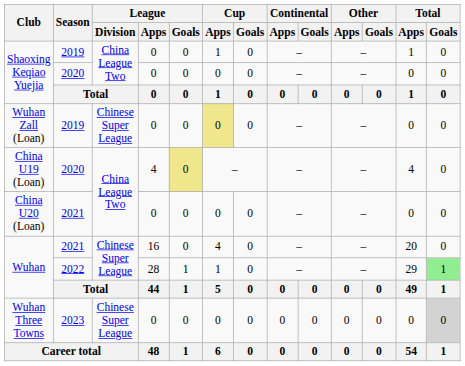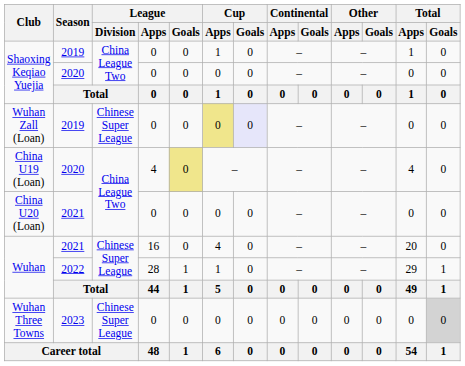 <table class="wikitable" style="text-align: center">
 <tr>
 <th rowspan="2">Club</th>
 <th rowspan="2">Season</th>
 <th colspan="3">League</th>
 <th colspan="2">Cup</th>
 <th colspan="2">Continental</th>
 <th colspan="2">Other</th>
 <th colspan="2">Total</th>
 </tr>
 <tr>
 <th>Division</th>
 <th>Apps</th>
 <th>Goals</th>
 <th>Apps</th>
 <th>Goals</th>
 <th>Apps</th>
 <th>Goals</th>
 <th>Apps</th>
 <th>Goals</th>
 <th>Apps</th>
 <th>Goals</th>
 </tr>
 <tr>
 <td rowspan=3><a href='#'>Shaoxing Keqiao Yuejia</a></td>
 <td><a href='#'>2019</a></td>
 <td rowspan=2><a href='#'>China League Two</a></td>
 <td>0</td>
 <td>0</td>
 <td>1</td>
 <td>0</td>
 <td colspan="2">–</td>
 <td colspan="2">–</td>
 <td>1</td>
 <td>0</td>
 </tr>
 <tr>
 <td><a href='#'>2020</a></td>
 <td>0</td>
 <td>0</td>
 <td>0</td>
 <td>0</td>
 <td colspan="2">–</td>
 <td colspan="2">–</td>
 <td>0</td>
 <td>0</td>
 </tr>
 <tr>
 <th colspan=2>Total</th>
 <th>0</th>
 <th>0</th>
 <th>1</th>
 <th>0</th>
 <th>0</th>
 <th>0</th>
 <th>0</th>
 <th>0</th>
 <th>1</th>
 <th>0</th>
 </tr>
 <tr>
 <td><a href='#'>Wuhan Zall</a> (Loan)</td>
 <td><a href='#'>2019</a></td>
 <td><a href='#'>Chinese Super League</a></td>
 <td>0</td>
 <td>0</td>
 <td style="background: khaki;">0</td>
-<td>0</td>
+<td style="background: lavender;">0</td>
 <td colspan="2">–</td>
 <td colspan="2">–</td>
 <td>0</td>
 <td>0</td>
 </tr>
 <tr>
 <td><a href='#'>China U19</a> (Loan)</td>
 <td><a href='#'>2020</a></td>
 <td rowspan=2><a href='#'>China League Two</a></td>
 <td>4</td>
 <td style="background: khaki;">0</td>
 <td colspan="2">–</td>
 <td colspan="2">–</td>
 <td colspan="2">–</td>
 <td>4</td>
 <td>0</td>
 </tr>
 <tr>
 <td><a href='#'>China U20</a> (Loan)</td>
 <td><a href='#'>2021</a></td>
 <td>0</td>
 <td>0</td>
 <td>0</td>
 <td>0</td>
 <td colspan="2">–</td>
 <td colspan="2">–</td>
 <td>0</td>
 <td>0</td>
 </tr>
 <tr>
 <td rowspan=3><a href='#'>Wuhan</a></td>
 <td><a href='#'>2021</a></td>
 <td rowspan=2><a href='#'>Chinese Super League</a></td>
 <td>16</td>
 <td>0</td>
 <td>4</td>
 <td>0</td>
 <td colspan="2">–</td>
 <td colspan="2">–</td>
 <td>20</td>
 <td>0</td>
 </tr>
 <tr>
 <td><a href='#'>2022</a></td>
 <td>28</td>
 <td>1</td>
 <td>1</td>
 <td>0</td>
 <td colspan="2">–</td>
 <td colspan="2">–</td>
 <td>29</td>
-<td style="background: lightgreen;">1</td>
+<td>1</td>
 </tr>
 <tr>
 <th colspan=2>Total</th>
 <th>44</th>
 <th>1</th>
 <th>5</th>
 <th>0</th>
 <th>0</th>
 <th>0</th>
 <th>0</th>
 <th>0</th>
 <th>49</th>
 <th>1</th>
 </tr>
 <tr>
 <td><a href='#'>Wuhan Three Towns</a></td>
 <td><a href='#'>2023</a></td>
 <td><a href='#'>Chinese Super League</a></td>
 <td>0</td>
 <td>0</td>
 <td>0</td>
 <td>0</td>
 <td>0</td>
 <td>0</td>
 <td>0</td>
 <td>0</td>
 <td>0</td>
 <td style="background: lightgrey;">0</td>
 </tr>
 <tr>
 <th colspan=3>Career total</th>
 <th>48</th>
 <th>1</th>
 <th>6</th>
 <th>0</th>
 <th>0</th>
 <th>0</th>
 <th>0</th>
 <th>0</th>
 <th>54</th>
 <th>1</th>
 </tr>
 </table>
